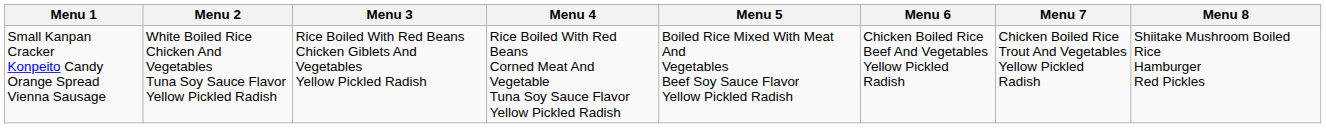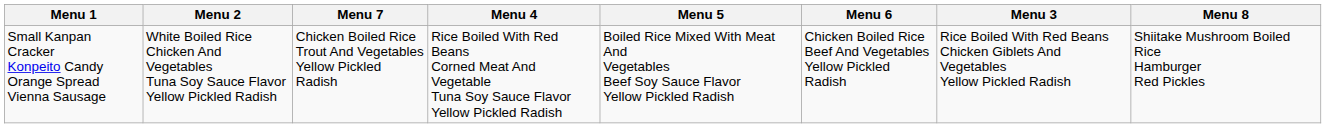 <table class="wikitable collapsible collapsed" style="min-width:400px">
 <tr>
 <th>Menu 1</th>
 <th>Menu 2</th>
-<th>Menu 3</th>
+<th>Menu 7</th>
 <th>Menu 4</th>
 <th>Menu 5</th>
 <th>Menu 6</th>
-<th>Menu 7</th>
+<th>Menu 3</th>
 <th>Menu 8</th>
 </tr>
 <tr style="vertical-align: top;">
 <td>Small Kanpan Cracker<br><a href='#'>Konpeito</a> Candy<br>Orange Spread<br>Vienna Sausage</td>
 <td>White Boiled Rice<br>Chicken And Vegetables<br>Tuna Soy Sauce Flavor<br>Yellow Pickled Radish</td>
-<td>Rice Boiled With Red Beans<br>Chicken Giblets And Vegetables<br>Yellow Pickled Radish</td>
+<td>Chicken Boiled Rice<br>Trout And Vegetables<br>Yellow Pickled Radish</td>
 <td>Rice Boiled With Red Beans<br>Corned Meat And Vegetable<br>Tuna Soy Sauce Flavor<br>Yellow Pickled Radish</td>
 <td>Boiled Rice Mixed With Meat And<br>Vegetables<br>Beef Soy Sauce Flavor<br>Yellow Pickled Radish</td>
 <td>Chicken Boiled Rice<br>Beef And Vegetables<br>Yellow Pickled Radish</td>
-<td>Chicken Boiled Rice<br>Trout And Vegetables<br>Yellow Pickled Radish</td>
+<td>Rice Boiled With Red Beans<br>Chicken Giblets And Vegetables<br>Yellow Pickled Radish</td>
 <td>Shiitake Mushroom Boiled Rice<br>Hamburger<br>Red Pickles</td>
 </tr>
 </table>
